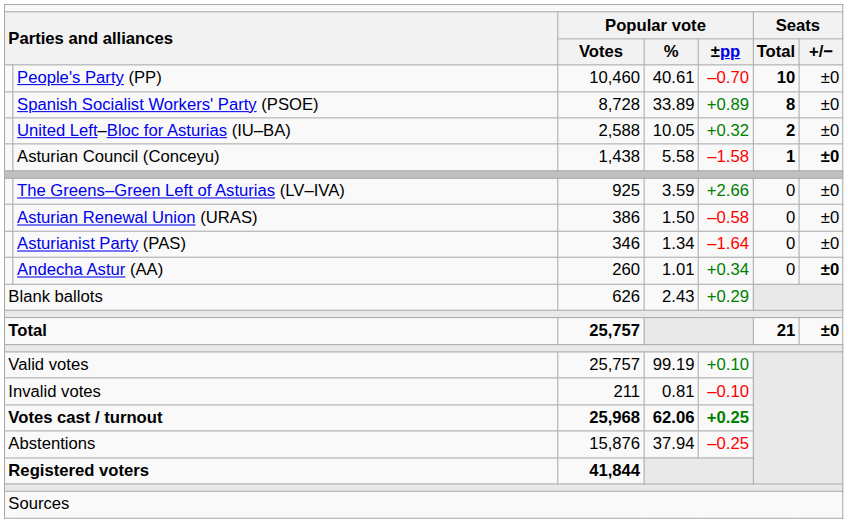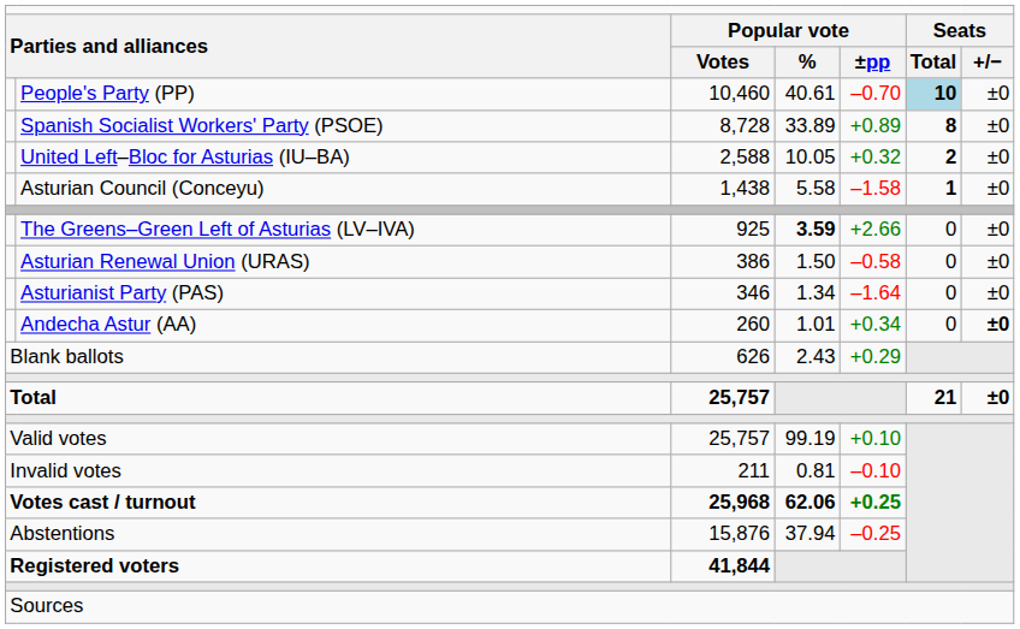 <table class="wikitable" style="text-align:right;">
 <tr>
 <td colspan="7"></td>
 </tr>
 <tr>
 <th style="text-align:left;" rowspan="2" colspan="2" width="525">Parties and alliances</th>
 <th colspan="3">Popular vote</th>
 <th colspan="2">Seats</th>
 </tr>
 <tr>
 <th width="75">Votes</th>
 <th width="45">%</th>
 <th width="45">±<a href='#'>pp</a></th>
 <th width="35">Total</th>
 <th width="35">+/−</th>
 </tr>
 <tr>
 <td width="1" style="color:inherit;background:"></td>
 <td align="left"><a href='#'>People's Party</a> (PP)</td>
 <td>10,460</td>
 <td>40.61</td>
 <td style="color:red;">–0.70</td>
-<td><strong>10</strong></td>
+<td style="background: lightblue;"><strong>10</strong></td>
 <td>±0</td>
 </tr>
 <tr>
 <td style="color:inherit;background:"></td>
 <td align="left"><a href='#'>Spanish Socialist Workers' Party</a> (PSOE)</td>
 <td>8,728</td>
 <td>33.89</td>
 <td style="color:green;">+0.89</td>
 <td><strong>8</strong></td>
 <td>±0</td>
 </tr>
 <tr>
 <td style="color:inherit;background:"></td>
 <td align="left"><a href='#'>United Left</a>–<a href='#'>Bloc for Asturias</a> (IU–BA)</td>
 <td>2,588</td>
 <td>10.05</td>
 <td style="color:green;">+0.32</td>
 <td><strong>2</strong></td>
 <td>±0</td>
 </tr>
 <tr>
 <td style="color:inherit;background:"></td>
 <td align="left">Asturian Council (Conceyu)</td>
 <td>1,438</td>
 <td>5.58</td>
 <td style="color:red;">–1.58</td>
 <td><strong>1</strong></td>
-<td><strong>±0</strong></td>
+<td>±0</td>
 </tr>
 <tr>
 <td colspan="7" bgcolor="#C0C0C0"></td>
 </tr>
 <tr>
 <td style="color:inherit;background:"></td>
 <td align="left"><a href='#'>The Greens–Green Left of Asturias</a> (LV–IVA)</td>
 <td>925</td>
-<td>3.59</td>
+<td><strong>3.59</strong></td>
 <td style="color:green;">+2.66</td>
 <td>0</td>
 <td>±0</td>
 </tr>
 <tr>
 <td style="color:inherit;background:"></td>
 <td align="left"><a href='#'>Asturian Renewal Union</a> (URAS)</td>
 <td>386</td>
 <td>1.50</td>
 <td style="color:red;">–0.58</td>
 <td>0</td>
 <td>±0</td>
 </tr>
 <tr>
 <td style="color:inherit;background:"></td>
 <td align="left"><a href='#'>Asturianist Party</a> (PAS)</td>
 <td>346</td>
 <td>1.34</td>
 <td style="color:red;">–1.64</td>
 <td>0</td>
 <td>±0</td>
 </tr>
 <tr>
 <td style="color:inherit;background:"></td>
 <td align="left"><a href='#'>Andecha Astur</a> (AA)</td>
 <td>260</td>
 <td>1.01</td>
 <td style="color:green;">+0.34</td>
 <td>0</td>
 <td><strong>±0</strong></td>
 </tr>
 <tr>
 <td align="left" colspan="2">Blank ballots</td>
 <td>626</td>
 <td>2.43</td>
 <td style="color:green;">+0.29</td>
 <td bgcolor="#E9E9E9" colspan="2"></td>
 </tr>
 <tr>
 <td colspan="7" bgcolor="#E9E9E9"></td>
 </tr>
 <tr style="font-weight:bold;">
 <td align="left" colspan="2">Total</td>
 <td>25,757</td>
 <td bgcolor="#E9E9E9" colspan="2"></td>
 <td>21</td>
 <td>±0</td>
 </tr>
 <tr>
 <td colspan="7" bgcolor="#E9E9E9"></td>
 </tr>
 <tr>
 <td align="left" colspan="2">Valid votes</td>
 <td>25,757</td>
 <td>99.19</td>
 <td style="color:green;">+0.10</td>
 <td bgcolor="#E9E9E9" colspan="2" rowspan="5"></td>
 </tr>
 <tr>
 <td align="left" colspan="2">Invalid votes</td>
 <td>211</td>
 <td>0.81</td>
 <td style="color:red;">–0.10</td>
 </tr>
 <tr style="font-weight:bold;">
 <td align="left" colspan="2">Votes cast / turnout</td>
 <td>25,968</td>
 <td>62.06</td>
 <td style="color:green;">+0.25</td>
 </tr>
 <tr>
 <td align="left" colspan="2">Abstentions</td>
 <td>15,876</td>
 <td>37.94</td>
 <td style="color:red;">–0.25</td>
 </tr>
 <tr style="font-weight:bold;">
 <td align="left" colspan="2">Registered voters</td>
 <td>41,844</td>
 <td bgcolor="#E9E9E9" colspan="2"></td>
 </tr>
 <tr>
 <td colspan="7" bgcolor="#E9E9E9"></td>
 </tr>
 <tr>
 <td align="left" colspan="7">Sources</td>
 </tr>
 </table>
